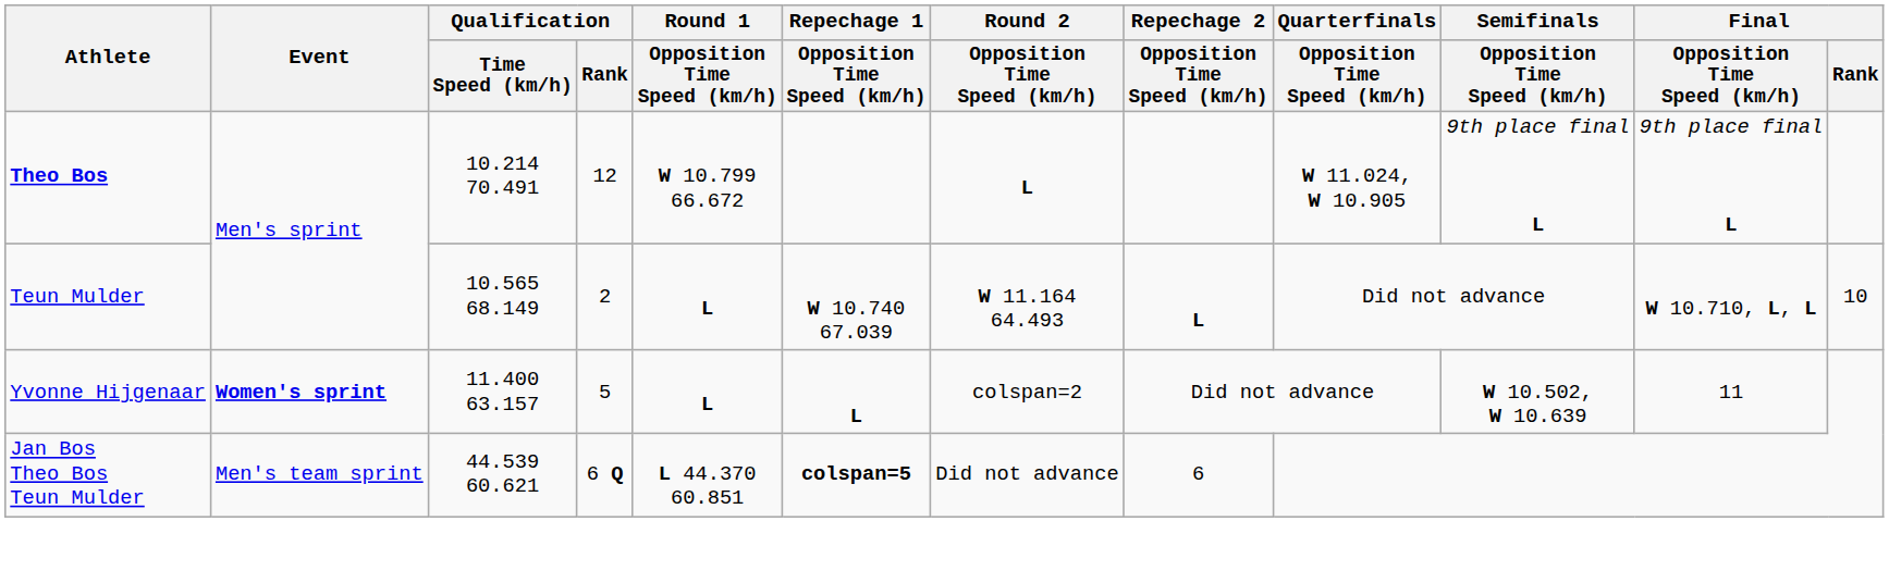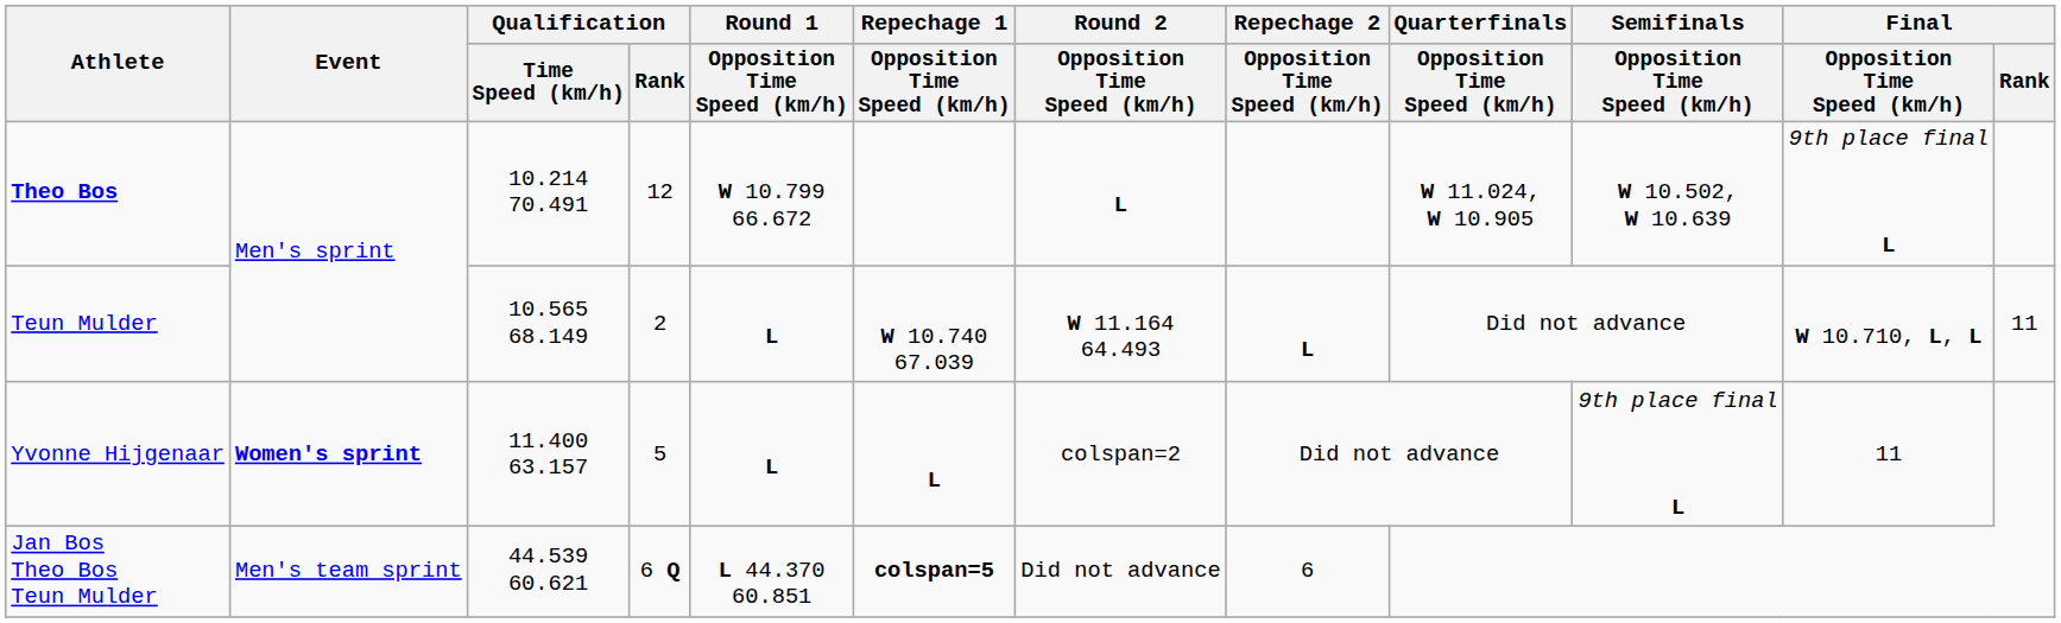 <table class="wikitable" style="font-size:90%">
 <tr>
 <th rowspan="2">Athlete</th>
 <th rowspan="2">Event</th>
 <th colspan=2>Qualification</th>
 <th>Round 1</th>
 <th>Repechage 1</th>
 <th>Round 2</th>
 <th>Repechage 2</th>
 <th>Quarterfinals</th>
 <th>Semifinals</th>
 <th colspan=2>Final</th>
 </tr>
 <tr style="font-size:95%">
 <th>Time<br>Speed (km/h)</th>
 <th>Rank</th>
 <th>Opposition<br>Time<br>Speed (km/h)</th>
 <th>Opposition<br>Time<br>Speed (km/h)</th>
 <th>Opposition<br>Time<br>Speed (km/h)</th>
 <th>Opposition<br>Time<br>Speed (km/h)</th>
 <th>Opposition<br>Time<br>Speed (km/h)</th>
 <th>Opposition<br>Time<br>Speed (km/h)</th>
 <th>Opposition<br>Time<br>Speed (km/h)</th>
 <th>Rank</th>
 </tr>
 <tr align=center>
 <td align=left><strong><a href='#'>Theo Bos</a></strong></td>
 <td align=left rowspan=2><a href='#'>Men's sprint</a></td>
 <td>10.214<br>70.491</td>
 <td>12</td>
 <td><br><strong>W</strong> 10.799<br>66.672</td>
 <td></td>
 <td><br><strong>L</strong></td>
 <td></td>
 <td><br><strong>W</strong> 11.024,<br><strong>W</strong> 10.905</td>
-<td><em>9th place final</em><br><br><br><br><strong>L</strong></td>
+<td><br><strong>W</strong> 10.502,<br><strong>W</strong> 10.639</td>
 <td><em>9th place final</em><br><br><br><br><strong>L</strong></td>
 <td></td>
 </tr>
 <tr align=center>
 <td align=left><a href='#'>Teun Mulder</a></td>
 <td>10.565<br>68.149</td>
 <td>2</td>
 <td><br><strong>L</strong></td>
 <td><br><br><strong>W</strong> 10.740<br>67.039</td>
 <td><br><strong>W</strong> 11.164<br>64.493</td>
 <td><br><br><strong>L</strong></td>
 <td colspan=2>Did not advance</td>
 <td><br><strong>W</strong> 10.710, <strong>L</strong>, <strong>L</strong></td>
-<td>10</td>
+<td>11</td>
 </tr>
 <tr align=center>
 <td align=left><a href='#'>Yvonne Hijgenaar</a></td>
 <td align=left><strong><a href='#'>Women's sprint</a></strong></td>
 <td>11.400<br>63.157</td>
 <td>5</td>
 <td><br><strong>L</strong></td>
 <td><br><br><strong>L</strong></td>
 <td>colspan=2 </td>
 <td colspan=2>Did not advance</td>
-<td><br><strong>W</strong> 10.502,<br><strong>W</strong> 10.639</td>
+<td><em>9th place final</em><br><br><br><br><strong>L</strong></td>
 <td>11</td>
 </tr>
 <tr align=center>
 <td align=left><a href='#'>Jan Bos</a><br><a href='#'>Theo Bos</a><br><a href='#'>Teun Mulder</a></td>
 <td align=left><a href='#'>Men's team sprint</a></td>
 <td>44.539<br>60.621</td>
 <td>6 <strong>Q</strong></td>
 <td><br><strong>L</strong> 44.370<br>60.851</td>
 <td><strong>colspan=5 </strong></td>
 <td>Did not advance</td>
 <td>6</td>
 </tr>
 </table>
